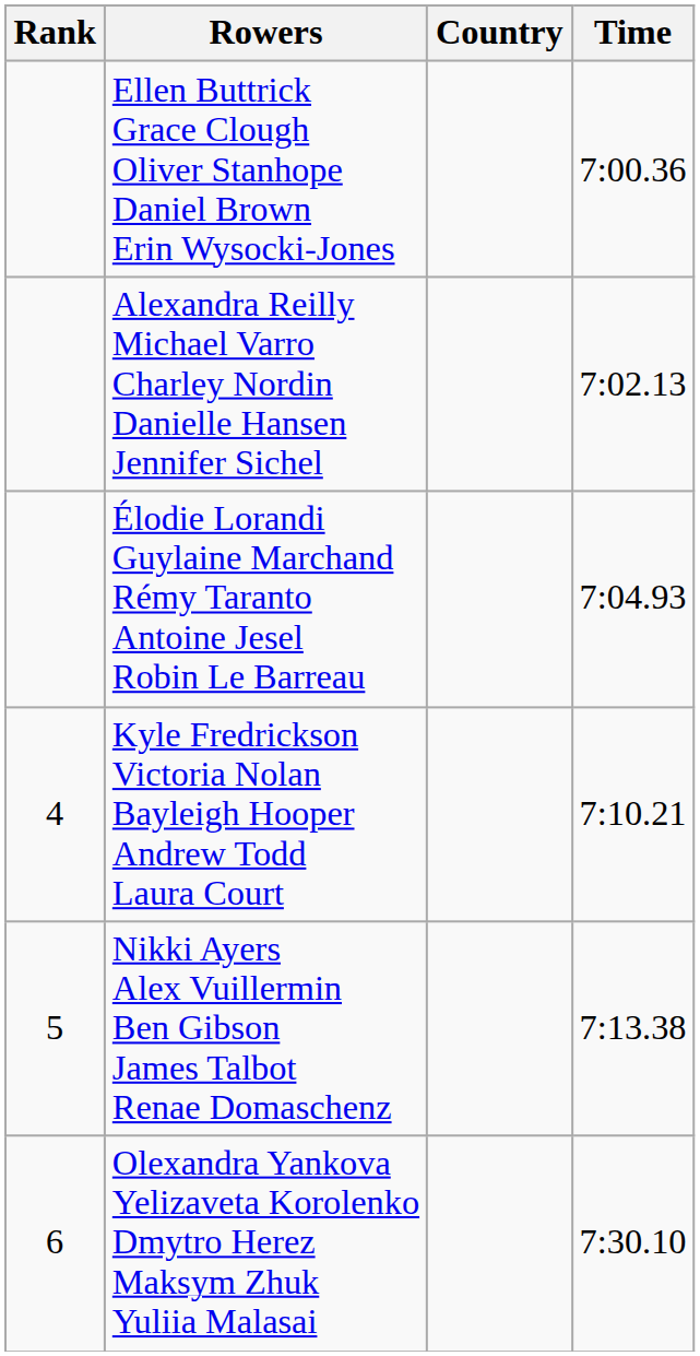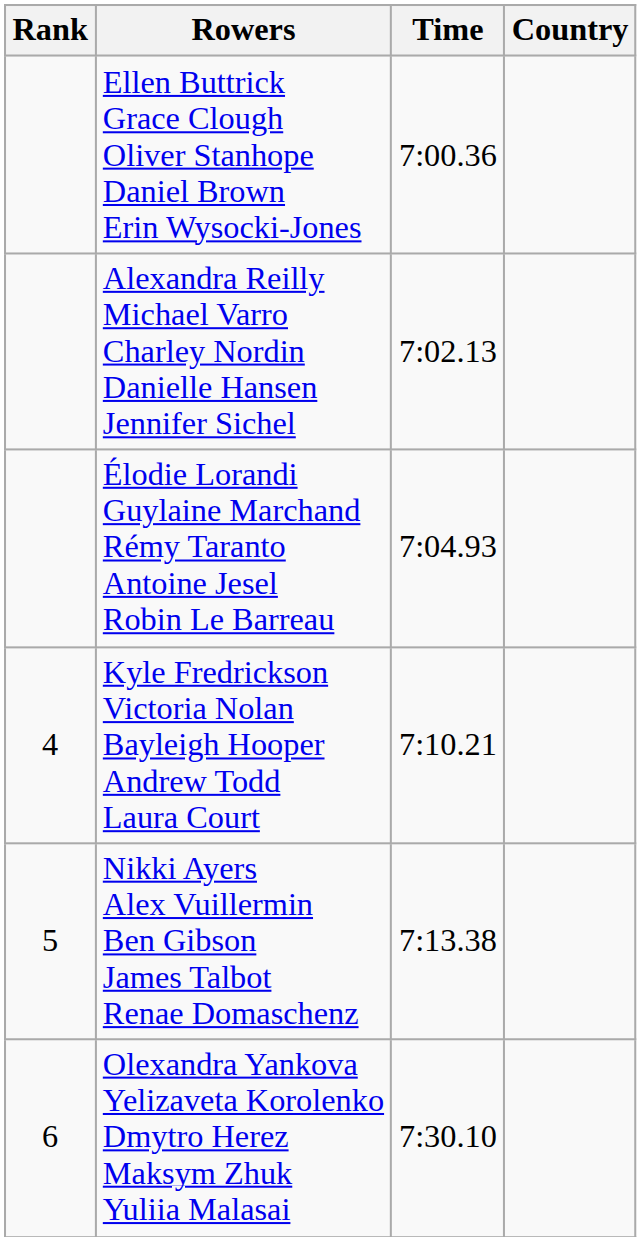 <table class="wikitable" style="text-align:center">
 <tr>
 <th>Rank</th>
 <th>Rowers</th>
+<th>Time</th>
 <th>Country</th>
-<th>Time</th>
 </tr>
 <tr>
 <td></td>
 <td align="left"><a href='#'>Ellen Buttrick</a><br><a href='#'>Grace Clough</a><br><a href='#'>Oliver Stanhope</a><br><a href='#'>Daniel Brown</a><br><a href='#'>Erin Wysocki-Jones</a></td>
+<td>7:00.36</td>
 <td align="left"></td>
-<td>7:00.36</td>
 </tr>
 <tr>
 <td></td>
 <td align="left"><a href='#'>Alexandra Reilly</a><br><a href='#'>Michael Varro</a><br><a href='#'>Charley Nordin</a><br><a href='#'>Danielle Hansen</a><br><a href='#'>Jennifer Sichel</a></td>
+<td>7:02.13</td>
 <td align="left"></td>
-<td>7:02.13</td>
 </tr>
 <tr>
 <td></td>
 <td align="left"><a href='#'>Élodie Lorandi</a><br><a href='#'>Guylaine Marchand</a><br><a href='#'>Rémy Taranto</a><br><a href='#'>Antoine Jesel</a><br><a href='#'>Robin Le Barreau</a></td>
+<td>7:04.93</td>
 <td align="left"></td>
-<td>7:04.93</td>
 </tr>
 <tr>
 <td>4</td>
 <td align="left"><a href='#'>Kyle Fredrickson</a><br><a href='#'>Victoria Nolan</a><br><a href='#'>Bayleigh Hooper</a><br><a href='#'>Andrew Todd</a><br><a href='#'>Laura Court</a></td>
+<td>7:10.21</td>
 <td align="left"></td>
-<td>7:10.21</td>
 </tr>
 <tr>
 <td>5</td>
 <td align="left"><a href='#'>Nikki Ayers</a><br><a href='#'>Alex Vuillermin</a><br><a href='#'>Ben Gibson</a><br><a href='#'>James Talbot</a><br><a href='#'>Renae Domaschenz</a></td>
+<td>7:13.38</td>
 <td align="left"></td>
-<td>7:13.38</td>
 </tr>
 <tr>
 <td>6</td>
 <td align="left"><a href='#'>Olexandra Yankova</a><br><a href='#'>Yelizaveta Korolenko</a><br><a href='#'>Dmytro Herez</a><br><a href='#'>Maksym Zhuk</a><br><a href='#'>Yuliia Malasai</a></td>
+<td>7:30.10</td>
 <td align="left"></td>
-<td>7:30.10</td>
 </tr>
 </table>
